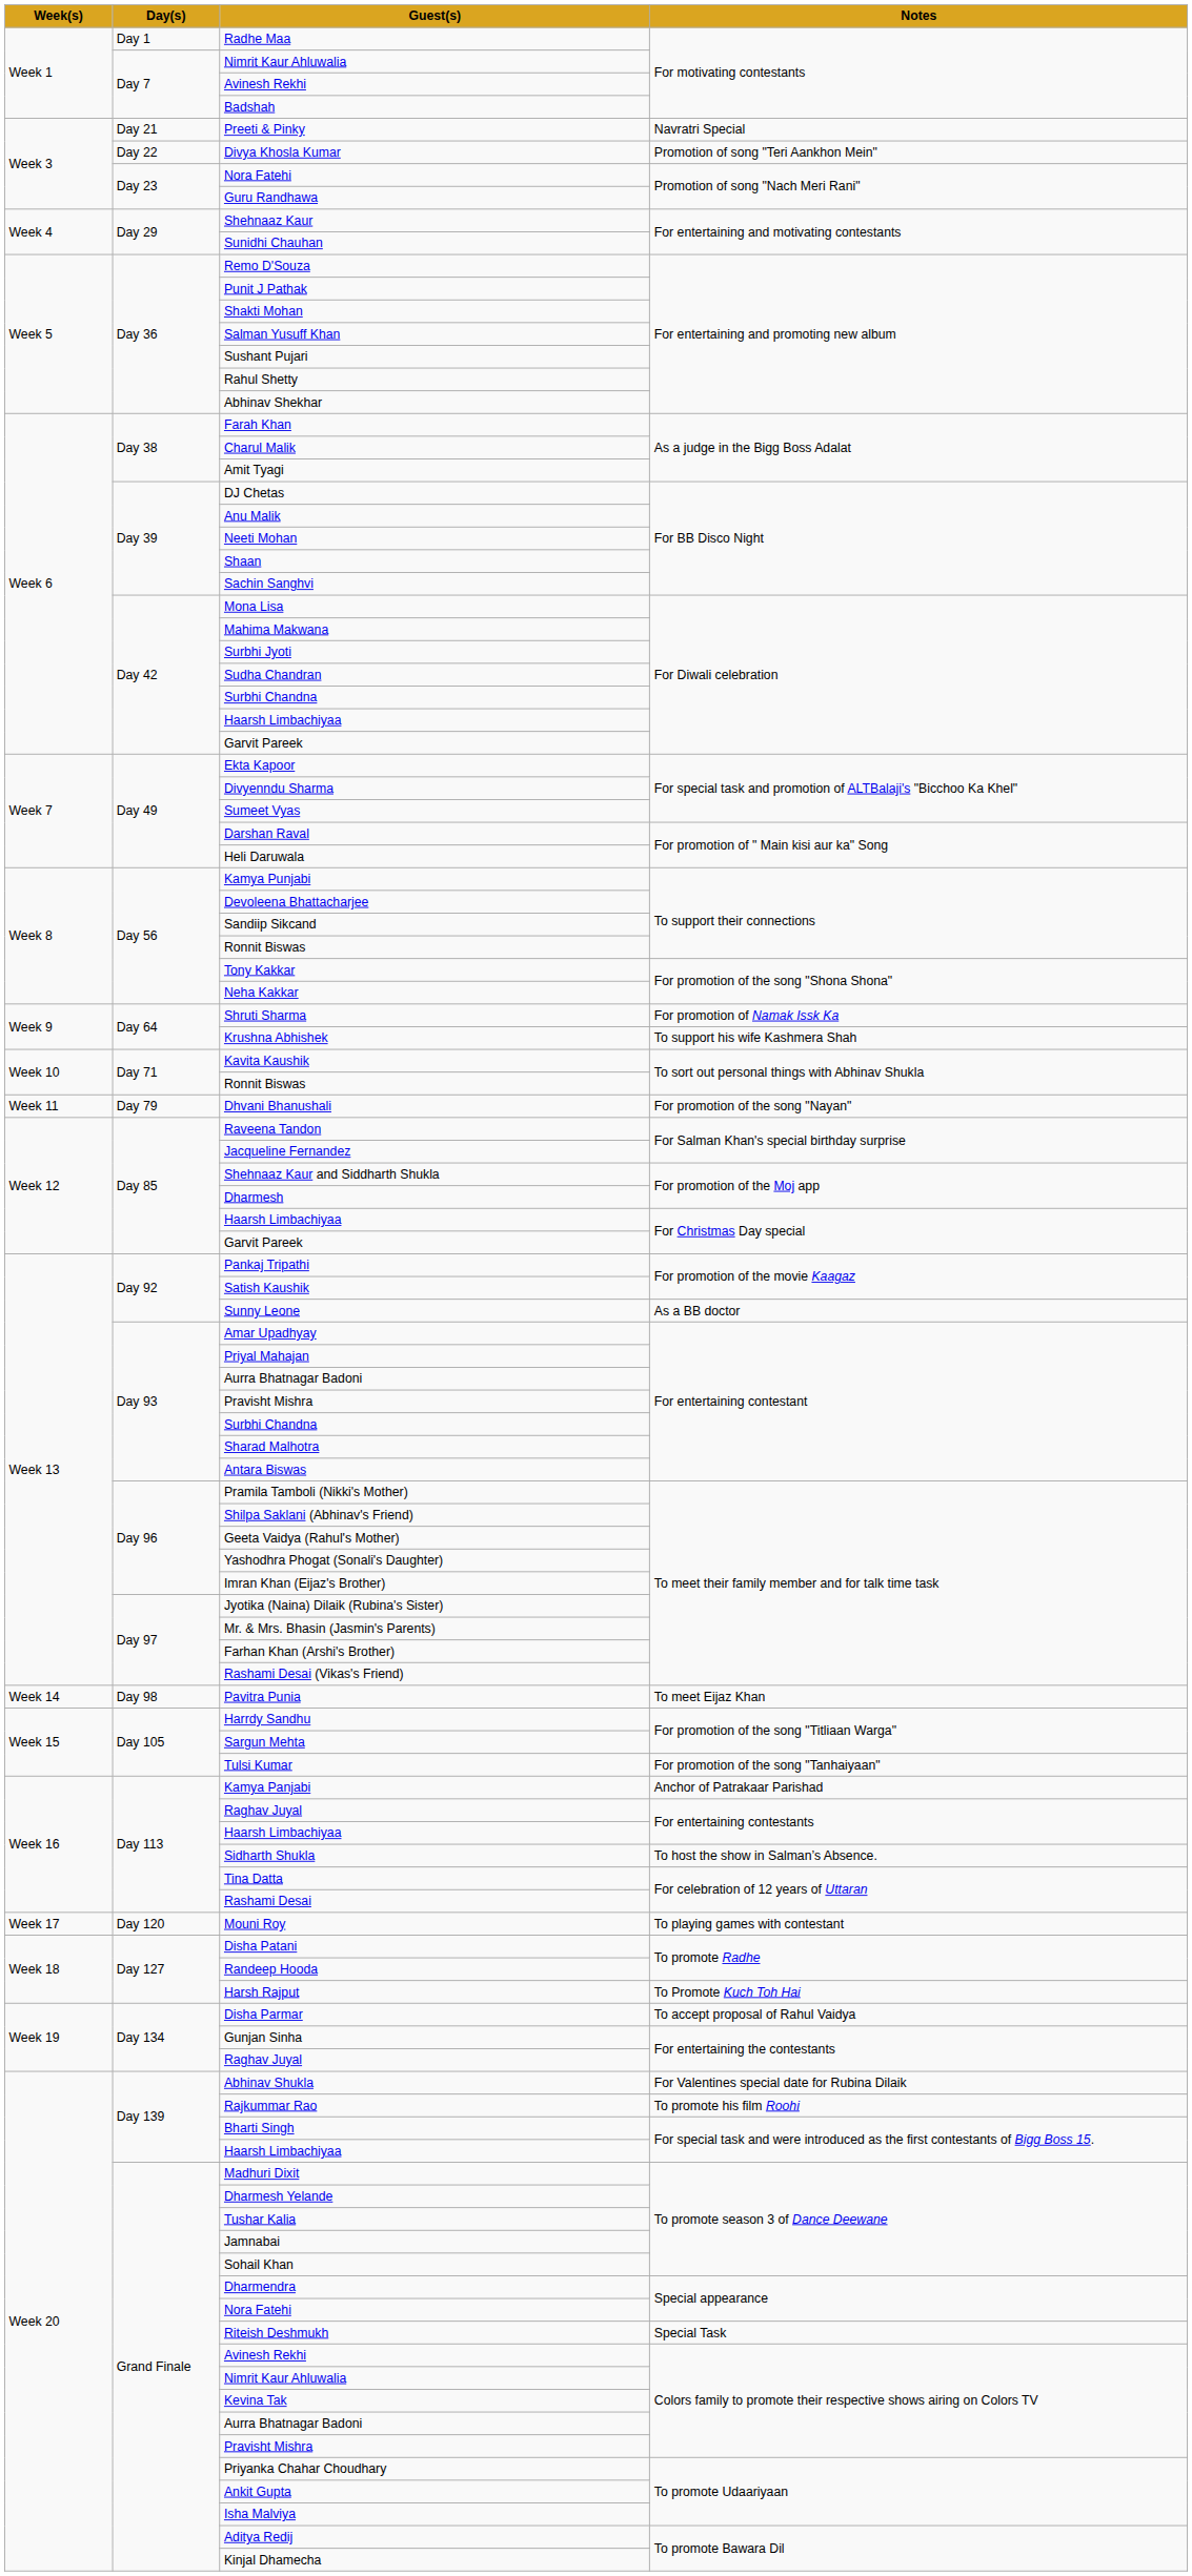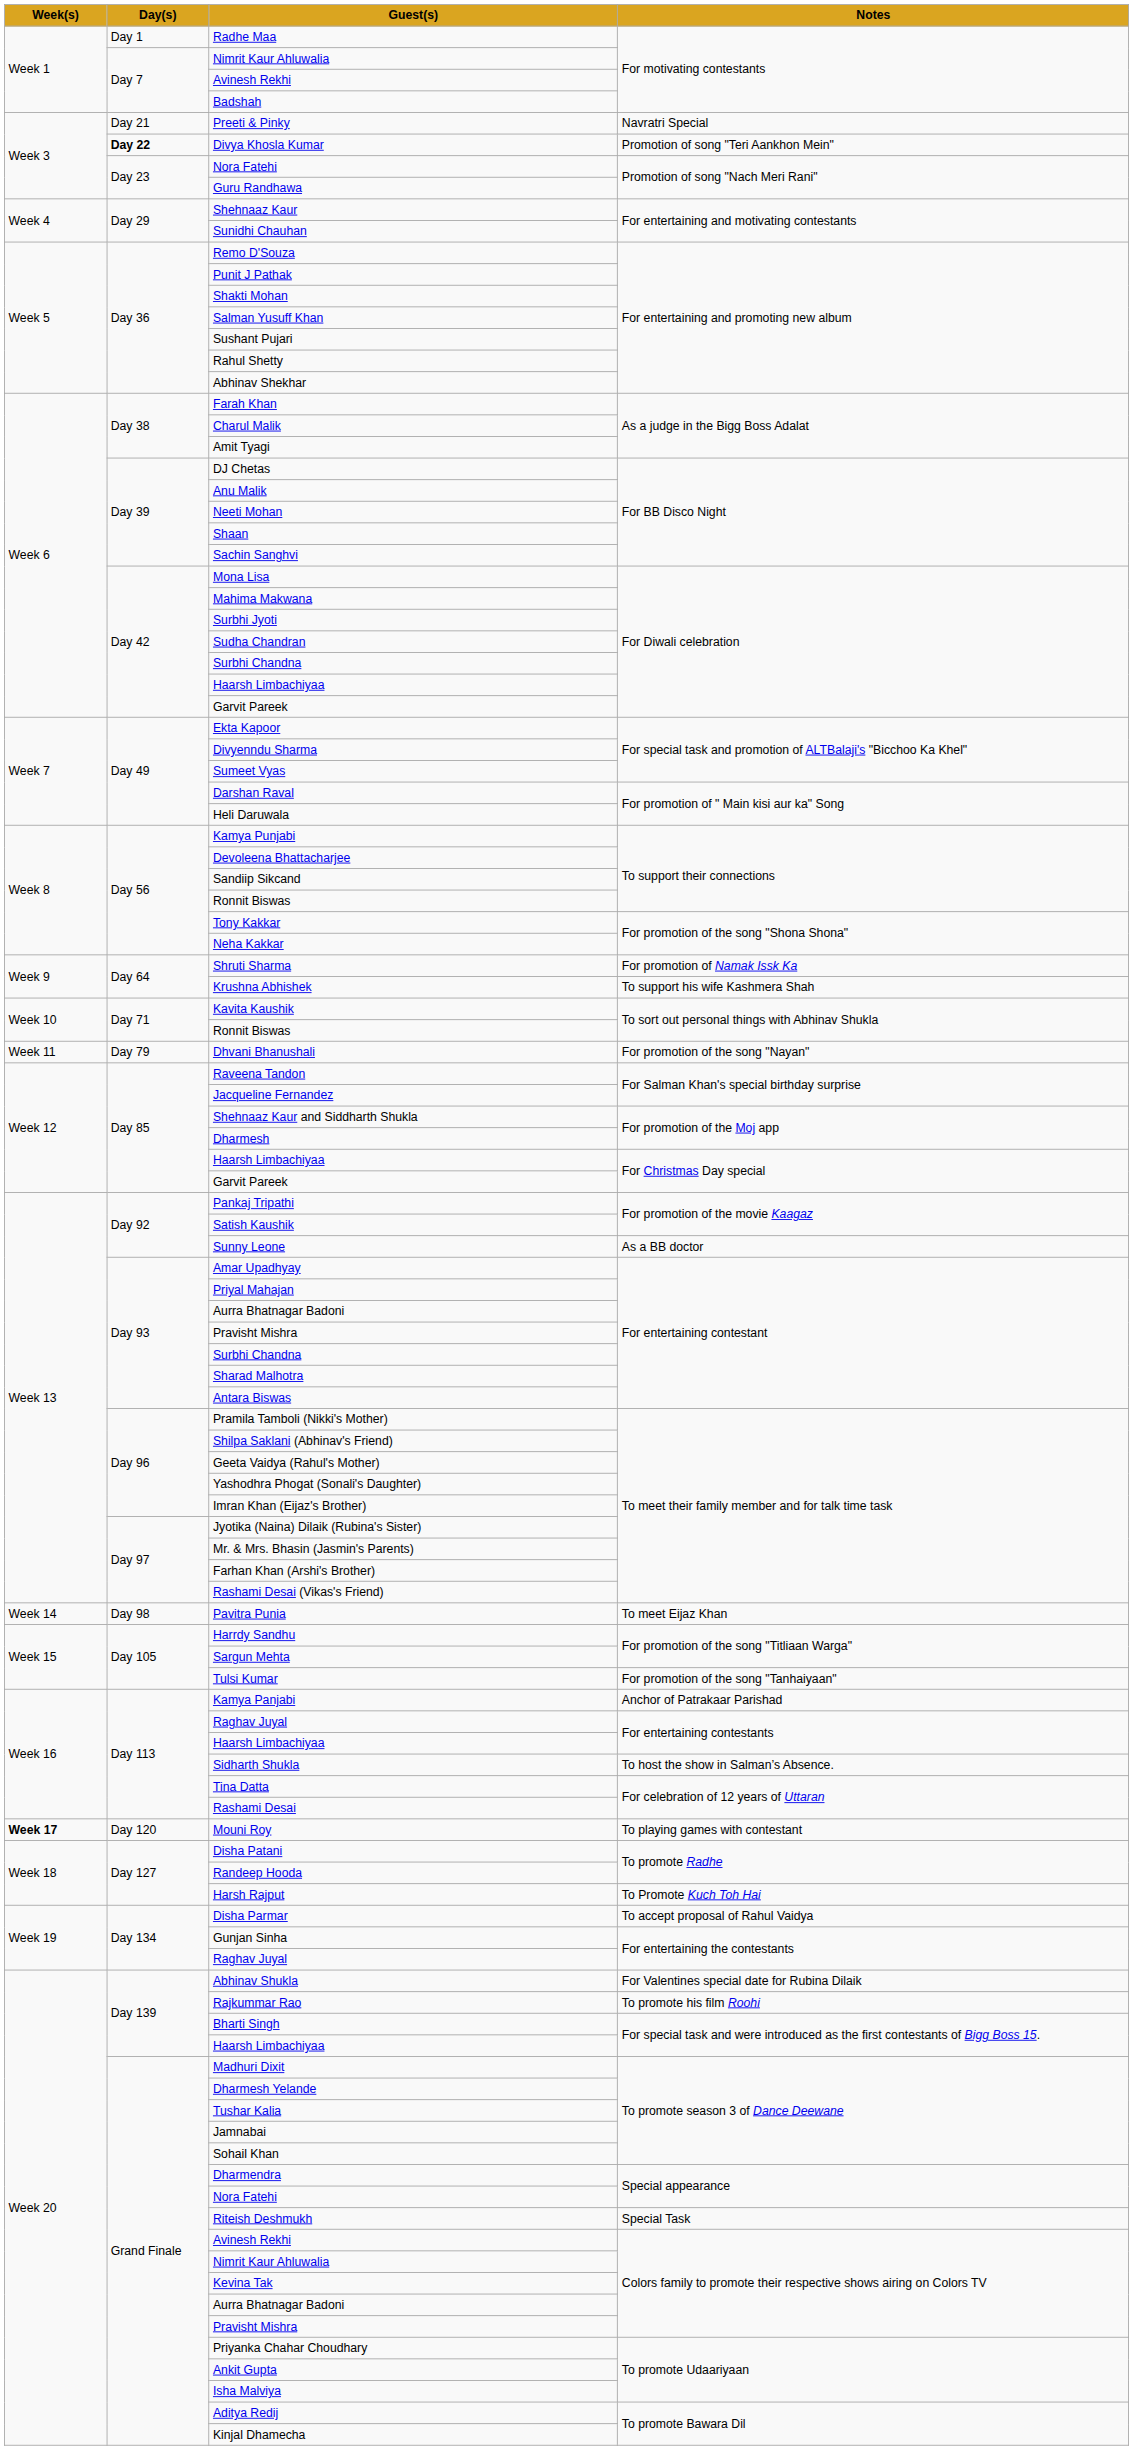 <table border="2" cellpadding="4" cellspacing="0" style=";margin: 1em 1em 1em 0;font-size:85%; background: #f9f9f9; border: 1px #aaa solid; border-collapse: collapse;">
 <tr>
 <th width="5%" style="background:#DAA520">Week(s)</th>
 <th width="5%" style="background:#DAA520">Day(s)</th>
 <th width="20%" style="background:#DAA520">Guest(s)</th>
 <th width="25%" style="background:#DAA520">Notes</th>
 </tr>
 <tr>
 <td rowspan="4">Week 1</td>
 <td>Day 1</td>
 <td><a href='#'>Radhe Maa</a></td>
 <td rowspan="4">For motivating contestants</td>
 </tr>
 <tr>
 <td rowspan="3">Day 7</td>
 <td><a href='#'>Nimrit Kaur Ahluwalia</a></td>
 </tr>
 <tr>
 <td><a href='#'>Avinesh Rekhi</a></td>
 </tr>
 <tr>
 <td><a href='#'>Badshah</a></td>
 </tr>
 <tr>
 <td rowspan="4">Week 3</td>
 <td>Day 21</td>
 <td><a href='#'>Preeti & Pinky</a></td>
 <td>Navratri Special</td>
 </tr>
 <tr>
-<td>Day 22</td>
+<td><strong>Day 22</strong></td>
 <td><a href='#'>Divya Khosla Kumar</a></td>
 <td>Promotion of song "Teri Aankhon Mein"</td>
 </tr>
 <tr>
 <td rowspan="2">Day 23</td>
 <td><a href='#'>Nora Fatehi</a></td>
 <td rowspan="2">Promotion of song "Nach Meri Rani"</td>
 </tr>
 <tr>
 <td><a href='#'>Guru Randhawa</a></td>
 </tr>
 <tr>
 <td rowspan="2">Week 4</td>
 <td rowspan="2">Day 29</td>
 <td><a href='#'>Shehnaaz Kaur</a></td>
 <td rowspan="2">For entertaining and motivating contestants</td>
 </tr>
 <tr>
 <td><a href='#'>Sunidhi Chauhan</a></td>
 </tr>
 <tr>
 <td rowspan="7">Week 5</td>
 <td rowspan="7">Day 36</td>
 <td><a href='#'>Remo D'Souza</a></td>
 <td rowspan="7">For entertaining and promoting new album</td>
 </tr>
 <tr>
 <td><a href='#'>Punit J Pathak</a></td>
 </tr>
 <tr>
 <td><a href='#'>Shakti Mohan</a></td>
 </tr>
 <tr>
 <td><a href='#'>Salman Yusuff Khan</a></td>
 </tr>
 <tr>
 <td>Sushant Pujari</td>
 </tr>
 <tr>
 <td>Rahul Shetty</td>
 </tr>
 <tr>
 <td>Abhinav Shekhar</td>
 </tr>
 <tr>
 <td rowspan="15">Week 6</td>
 <td rowspan="3">Day 38</td>
 <td><a href='#'>Farah Khan</a></td>
 <td rowspan="3">As a judge in the Bigg Boss Adalat</td>
 </tr>
 <tr>
 <td><a href='#'>Charul Malik</a></td>
 </tr>
 <tr>
 <td>Amit Tyagi</td>
 </tr>
 <tr>
 <td rowspan="5">Day 39</td>
 <td>DJ Chetas</td>
 <td rowspan="5">For BB Disco Night</td>
 </tr>
 <tr>
 <td><a href='#'>Anu Malik</a></td>
 </tr>
 <tr>
 <td><a href='#'>Neeti Mohan</a></td>
 </tr>
 <tr>
 <td><a href='#'>Shaan</a></td>
 </tr>
 <tr>
 <td><a href='#'>Sachin Sanghvi</a></td>
 </tr>
 <tr>
 <td rowspan="7">Day 42</td>
 <td><a href='#'>Mona Lisa</a></td>
 <td rowspan="7">For Diwali celebration</td>
 </tr>
 <tr>
 <td><a href='#'>Mahima Makwana</a></td>
 </tr>
 <tr>
 <td><a href='#'>Surbhi Jyoti</a></td>
 </tr>
 <tr>
 <td><a href='#'>Sudha Chandran</a></td>
 </tr>
 <tr>
 <td><a href='#'>Surbhi Chandna</a></td>
 </tr>
 <tr>
 <td><a href='#'>Haarsh Limbachiyaa</a></td>
 </tr>
 <tr>
 <td>Garvit Pareek</td>
 </tr>
 <tr>
 <td rowspan="5">Week 7</td>
 <td rowspan="5">Day 49</td>
 <td><a href='#'>Ekta Kapoor</a></td>
 <td rowspan="3">For special task and promotion of <a href='#'>ALTBalaji's</a> "Bicchoo Ka Khel"</td>
 </tr>
 <tr>
 <td><a href='#'>Divyenndu Sharma</a></td>
 </tr>
 <tr>
 <td><a href='#'>Sumeet Vyas</a></td>
 </tr>
 <tr>
 <td><a href='#'>Darshan Raval</a></td>
 <td rowspan="2">For promotion of " Main kisi aur ka" Song</td>
 </tr>
 <tr>
 <td>Heli Daruwala</td>
 </tr>
 <tr>
 <td rowspan="6">Week 8</td>
 <td rowspan="6">Day 56</td>
 <td><a href='#'>Kamya Punjabi</a></td>
 <td rowspan="4"><br>To support their connections</td>
 </tr>
 <tr>
 <td><a href='#'>Devoleena Bhattacharjee</a></td>
 </tr>
 <tr>
 <td>Sandiip Sikcand</td>
 </tr>
 <tr>
 <td>Ronnit Biswas</td>
 </tr>
 <tr>
 <td><a href='#'>Tony Kakkar</a></td>
 <td rowspan="2">For promotion of the song "Shona Shona"</td>
 </tr>
 <tr>
 <td><a href='#'>Neha Kakkar</a></td>
 </tr>
 <tr>
 <td rowspan="2">Week 9</td>
 <td rowspan="2">Day 64</td>
 <td><a href='#'>Shruti Sharma</a></td>
 <td>For promotion of <em><a href='#'>Namak Issk Ka</a></em></td>
 </tr>
 <tr>
 <td><a href='#'>Krushna Abhishek</a></td>
 <td>To support his wife Kashmera Shah</td>
 </tr>
 <tr>
 <td rowspan="2">Week 10</td>
 <td rowspan="2">Day 71</td>
 <td><a href='#'>Kavita Kaushik</a></td>
 <td rowspan="2">To sort out personal things with Abhinav Shukla</td>
 </tr>
 <tr>
 <td>Ronnit Biswas</td>
 </tr>
 <tr>
 <td>Week 11</td>
 <td>Day 79</td>
 <td><a href='#'>Dhvani Bhanushali</a></td>
 <td>For promotion of the song "Nayan"</td>
 </tr>
 <tr>
 <td rowspan="6">Week 12</td>
 <td rowspan="6">Day 85</td>
 <td><a href='#'>Raveena Tandon</a></td>
 <td rowspan="2">For Salman Khan's special birthday surprise</td>
 </tr>
 <tr>
 <td><a href='#'>Jacqueline Fernandez</a></td>
 </tr>
 <tr>
 <td><a href='#'>Shehnaaz Kaur</a> and Siddharth Shukla</td>
 <td rowspan="2">For promotion of the <a href='#'>Moj</a> app</td>
 </tr>
 <tr>
 <td><a href='#'>Dharmesh</a></td>
 </tr>
 <tr>
 <td><a href='#'>Haarsh Limbachiyaa</a></td>
 <td rowspan="2">For <a href='#'>Christmas</a> Day special</td>
 </tr>
 <tr>
 <td>Garvit Pareek</td>
 </tr>
 <tr>
 <td rowspan="19">Week 13</td>
 <td rowspan="3">Day 92</td>
 <td><a href='#'>Pankaj Tripathi</a></td>
 <td rowspan="2">For promotion of the movie <em><a href='#'>Kaagaz</a></em></td>
 </tr>
 <tr>
 <td><a href='#'>Satish Kaushik</a></td>
 </tr>
 <tr>
 <td><a href='#'>Sunny Leone</a></td>
 <td>As a BB doctor</td>
 </tr>
 <tr>
 <td rowspan="7">Day 93</td>
 <td><a href='#'>Amar Upadhyay</a></td>
 <td rowspan="7">For entertaining contestant</td>
 </tr>
 <tr>
 <td><a href='#'>Priyal Mahajan</a></td>
 </tr>
 <tr>
 <td>Aurra Bhatnagar Badoni</td>
 </tr>
 <tr>
 <td>Pravisht Mishra</td>
 </tr>
 <tr>
 <td><a href='#'>Surbhi Chandna</a></td>
 </tr>
 <tr>
 <td><a href='#'>Sharad Malhotra</a></td>
 </tr>
 <tr>
 <td><a href='#'>Antara Biswas</a></td>
 </tr>
 <tr>
 <td rowspan="5">Day 96</td>
 <td>Pramila Tamboli (Nikki's Mother)</td>
 <td rowspan="9">To meet their family member and for talk time task</td>
 </tr>
 <tr>
 <td><a href='#'>Shilpa Saklani</a> (Abhinav's Friend)</td>
 </tr>
 <tr>
 <td>Geeta Vaidya (Rahul's Mother)</td>
 </tr>
 <tr>
 <td>Yashodhra Phogat (Sonali's Daughter)</td>
 </tr>
 <tr>
 <td>Imran Khan (Eijaz's Brother)</td>
 </tr>
 <tr>
 <td rowspan="4">Day 97</td>
 <td>Jyotika (Naina) Dilaik (Rubina's Sister)</td>
 </tr>
 <tr>
 <td>Mr. & Mrs. Bhasin (Jasmin's Parents)</td>
 </tr>
 <tr>
 <td>Farhan Khan (Arshi's Brother)</td>
 </tr>
 <tr>
 <td><a href='#'>Rashami Desai</a> (Vikas's Friend)</td>
 </tr>
 <tr>
 <td>Week 14</td>
 <td>Day 98</td>
 <td><a href='#'>Pavitra Punia</a></td>
 <td>To meet Eijaz Khan</td>
 </tr>
 <tr>
 <td rowspan="3">Week 15</td>
 <td rowspan="3">Day 105</td>
 <td><a href='#'>Harrdy Sandhu</a></td>
 <td rowspan="2">For promotion of the song "Titliaan Warga"</td>
 </tr>
 <tr>
 <td><a href='#'>Sargun Mehta</a></td>
 </tr>
 <tr>
 <td><a href='#'>Tulsi Kumar</a></td>
 <td>For promotion of  the song "Tanhaiyaan"</td>
 </tr>
 <tr>
 <td rowspan="6">Week 16</td>
 <td rowspan="6">Day 113</td>
 <td><a href='#'>Kamya Panjabi</a></td>
 <td>Anchor of Patrakaar Parishad</td>
 </tr>
 <tr>
 <td><a href='#'>Raghav Juyal</a></td>
 <td rowspan="2">For entertaining contestants</td>
 </tr>
 <tr>
 <td><a href='#'>Haarsh Limbachiyaa</a></td>
 </tr>
 <tr>
 <td><a href='#'>Sidharth Shukla</a></td>
 <td>To host the show in Salman’s Absence.</td>
 </tr>
 <tr>
 <td><a href='#'>Tina Datta</a></td>
 <td rowspan="2">For celebration of 12 years of <em><a href='#'>Uttaran</a></em></td>
 </tr>
 <tr>
 <td><a href='#'>Rashami Desai</a></td>
 </tr>
 <tr>
-<td>Week 17</td>
+<td><strong>Week 17</strong></td>
 <td>Day 120</td>
 <td><a href='#'>Mouni Roy</a></td>
 <td>To playing games with contestant</td>
 </tr>
 <tr>
 <td rowspan="3">Week 18</td>
 <td rowspan="3">Day 127</td>
 <td><a href='#'>Disha Patani</a></td>
 <td rowspan="2">To promote <a href='#'><em>Radhe</em></a></td>
 </tr>
 <tr>
 <td><a href='#'>Randeep Hooda</a></td>
 </tr>
 <tr>
 <td><a href='#'>Harsh Rajput</a></td>
 <td>To Promote <a href='#'><em>Kuch Toh Hai</em></a></td>
 </tr>
 <tr>
 <td rowspan="3">Week 19</td>
 <td rowspan="3">Day 134</td>
 <td><a href='#'>Disha Parmar</a></td>
 <td>To accept proposal of Rahul Vaidya</td>
 </tr>
 <tr>
 <td>Gunjan Sinha</td>
 <td rowspan="2">For entertaining the contestants</td>
 </tr>
 <tr>
 <td><a href='#'>Raghav Juyal</a></td>
 </tr>
 <tr>
 <td rowspan="22">Week 20</td>
 <td rowspan="4">Day 139</td>
 <td><a href='#'>Abhinav Shukla</a></td>
 <td>For Valentines special date for Rubina Dilaik</td>
 </tr>
 <tr>
 <td><a href='#'>Rajkummar Rao</a></td>
 <td>To promote his film <a href='#'><em>Roohi</em></a></td>
 </tr>
 <tr>
 <td><a href='#'>Bharti Singh</a></td>
 <td rowspan="2">For special task and were introduced as the first contestants of <em><a href='#'>Bigg Boss 15</a></em>.</td>
 </tr>
 <tr>
 <td><a href='#'>Haarsh Limbachiyaa</a></td>
 </tr>
 <tr>
 <td rowspan="18">Grand Finale</td>
 <td><a href='#'>Madhuri Dixit</a></td>
 <td rowspan="5">To promote season 3 of <em><a href='#'>Dance Deewane</a></em></td>
 </tr>
 <tr>
 <td><a href='#'>Dharmesh Yelande</a></td>
 </tr>
 <tr>
 <td><a href='#'>Tushar Kalia</a></td>
 </tr>
 <tr>
 <td>Jamnabai</td>
 </tr>
 <tr>
 <td>Sohail Khan</td>
 </tr>
 <tr>
 <td><a href='#'>Dharmendra</a></td>
 <td rowspan="2">Special appearance</td>
 </tr>
 <tr>
 <td><a href='#'>Nora Fatehi</a></td>
 </tr>
 <tr>
 <td><a href='#'>Riteish Deshmukh</a></td>
 <td>Special Task</td>
 </tr>
 <tr>
 <td><a href='#'>Avinesh Rekhi</a></td>
 <td rowspan="5">Colors family to promote their respective shows airing on Colors TV</td>
 </tr>
 <tr>
 <td><a href='#'>Nimrit Kaur Ahluwalia</a></td>
 </tr>
 <tr>
 <td><a href='#'>Kevina Tak</a></td>
 </tr>
 <tr>
 <td>Aurra Bhatnagar Badoni</td>
 </tr>
 <tr>
 <td><a href='#'>Pravisht Mishra</a></td>
 </tr>
 <tr>
 <td>Priyanka Chahar Choudhary</td>
 <td rowspan="3">To promote Udaariyaan</td>
 </tr>
 <tr>
 <td><a href='#'>Ankit Gupta</a></td>
 </tr>
 <tr>
 <td><a href='#'>Isha Malviya</a></td>
 </tr>
 <tr>
 <td><a href='#'>Aditya Redij</a></td>
 <td rowspan="2">To promote Bawara Dil</td>
 </tr>
 <tr>
 <td>Kinjal Dhamecha</td>
 </tr>
 </table>
